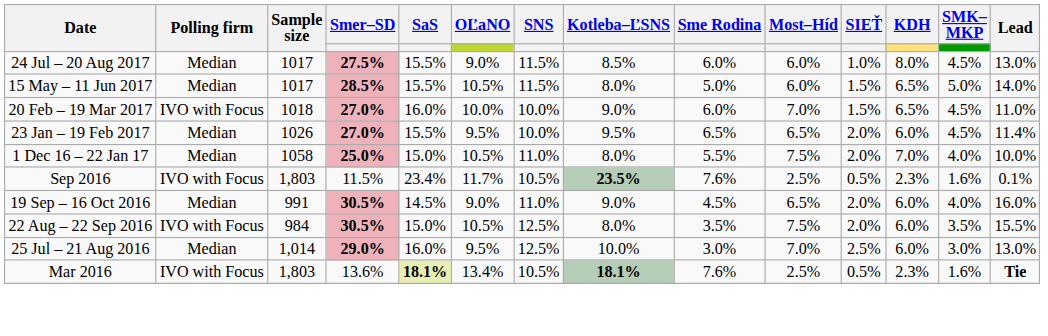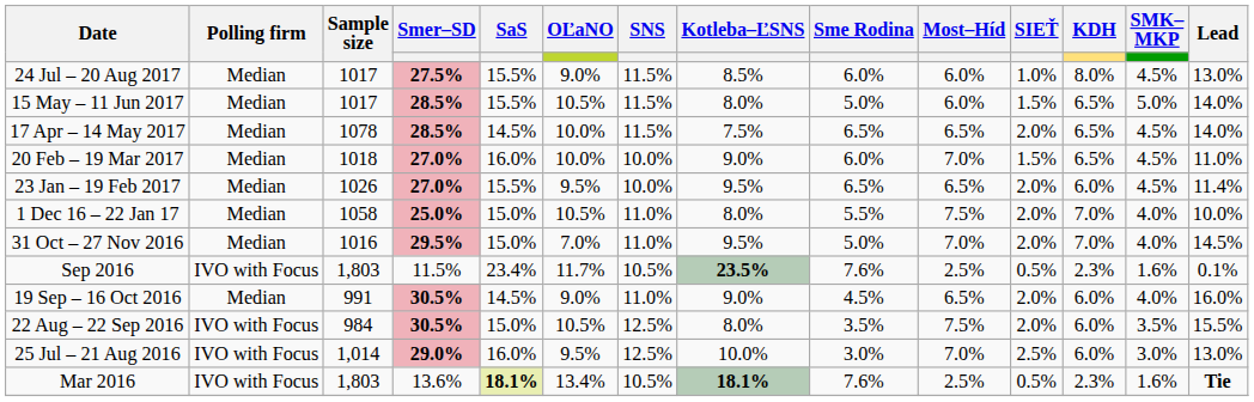 <table class="wikitable sortable mw-datatable" style="text-align:center;font-size:90%;line-height:14px;">
 <tr>
 <th rowspan="2">Date</th>
 <th rowspan="2">Polling firm</th>
 <th class="unsortable" rowspan="2">Sample<br>size</th>
 <th class="unsortable"><a href='#'><span>Smer–SD</span></a></th>
 <th class="unsortable"><a href='#'><span>SaS</span></a></th>
 <th class="unsortable"><a href='#'><span>OĽaNO</span></a></th>
 <th class="unsortable"><a href='#'><span>SNS</span></a></th>
 <th class="unsortable"><a href='#'><span>Kotleba–ĽSNS</span></a></th>
 <th class="unsortable"><a href='#'><span>Sme Rodina</span></a></th>
 <th class="unsortable"><a href='#'><span>Most–Híd</span></a></th>
 <th class="unsortable"><a href='#'><span>SIEŤ</span></a></th>
 <th class="unsortable"><a href='#'><span>KDH</span></a></th>
 <th class="unsortable"><a href='#'><span>SMK–MKP</span></a></th>
 <th class="unsortable" style="width:20px;" rowspan="2">Lead</th>
 </tr>
 <tr>
 <th style="background:"></th>
 <th style="background:"></th>
 <th style="background:#BED62F; width:40px;"></th>
 <th style="background:"></th>
 <th style="background:"></th>
 <th style="background:"></th>
 <th style="background:"></th>
 <th style="background:"></th>
 <th style="background:#FFE17C; width:40px;"></th>
 <th style="background:#029C02; width:40px;"></th>
 </tr>
 <tr>
 <td data-sort-value="2017-08-20">24 Jul – 20 Aug 2017</td>
 <td>Median</td>
 <td>1017</td>
 <td style="background:#F0B2BA"><strong>27.5%</strong></td>
 <td>15.5%</td>
 <td>9.0%</td>
 <td>11.5%</td>
 <td>8.5%</td>
 <td>6.0%</td>
 <td>6.0%</td>
 <td>1.0%</td>
 <td>8.0%</td>
 <td>4.5%</td>
 <td style="background:">13.0%</td>
 </tr>
 <tr>
 <td data-sort-value="2017-06-11">15 May – 11 Jun 2017</td>
 <td>Median</td>
 <td>1017</td>
 <td style="background:#F0B2BA"><strong>28.5%</strong></td>
 <td>15.5%</td>
 <td>10.5%</td>
 <td>11.5%</td>
 <td>8.0%</td>
 <td>5.0%</td>
 <td>6.0%</td>
 <td>1.5%</td>
 <td>6.5%</td>
 <td>5.0%</td>
 <td style="background:">14.0%</td>
 </tr>
 <tr>
+<td data-sort-value="2017-05-14">17 Apr – 14 May 2017</td>
+<td>Median</td>
+<td>1078</td>
+<td style="background:#F0B2BA"><strong>28.5%</strong></td>
+<td>14.5%</td>
+<td>10.0%</td>
+<td>11.5%</td>
+<td>7.5%</td>
+<td>6.5%</td>
+<td>6.5%</td>
+<td>2.0%</td>
+<td>6.5%</td>
+<td>4.5%</td>
+<td style="background:">14.0%</td>
+</tr>
+<tr>
 <td data-sort-value="2017-03-19">20 Feb – 19 Mar 2017</td>
-<td>IVO with Focus</td>
+<td>Median</td>
 <td>1018</td>
 <td style="background:#F0B2BA"><strong>27.0%</strong></td>
 <td>16.0%</td>
 <td>10.0%</td>
 <td>10.0%</td>
 <td>9.0%</td>
 <td>6.0%</td>
 <td>7.0%</td>
 <td>1.5%</td>
 <td>6.5%</td>
 <td>4.5%</td>
 <td style="background:">11.0%</td>
 </tr>
 <tr>
 <td data-sort-value="2017-02-19">23 Jan – 19 Feb 2017</td>
 <td>Median</td>
 <td>1026</td>
 <td style="background:#F0B2BA"><strong>27.0%</strong></td>
 <td>15.5%</td>
 <td>9.5%</td>
 <td>10.0%</td>
 <td>9.5%</td>
 <td>6.5%</td>
 <td>6.5%</td>
 <td>2.0%</td>
 <td>6.0%</td>
 <td>4.5%</td>
 <td style="background:">11.4%</td>
 </tr>
 <tr>
 <td data-sort-value="2017-01-22">1 Dec 16 – 22 Jan 17</td>
 <td>Median</td>
 <td>1058</td>
 <td style="background:#F0B2BA"><strong>25.0%</strong></td>
 <td>15.0%</td>
 <td>10.5%</td>
 <td>11.0%</td>
 <td>8.0%</td>
 <td>5.5%</td>
 <td>7.5%</td>
 <td>2.0%</td>
 <td>7.0%</td>
 <td>4.0%</td>
 <td style="background:">10.0%</td>
+</tr>
+<tr>
+<td data-sort-value="2016-11-27">31 Oct – 27 Nov 2016</td>
+<td>Median</td>
+<td>1016</td>
+<td style="background:#F0B2BA"><strong>29.5%</strong></td>
+<td>15.0%</td>
+<td>7.0%</td>
+<td>11.0%</td>
+<td>9.5%</td>
+<td>5.0%</td>
+<td>7.0%</td>
+<td>2.0%</td>
+<td>7.0%</td>
+<td>4.0%</td>
+<td style="background:">14.5%</td>
 </tr>
 <tr>
 <td data-sort-value="2016-09-30">Sep 2016</td>
 <td>IVO with Focus</td>
 <td>1,803</td>
 <td>11.5%</td>
 <td>23.4%</td>
 <td>11.7%</td>
 <td>10.5%</td>
 <td style="background:#b5ccb7"><strong>23.5%</strong></td>
 <td>7.6%</td>
 <td>2.5%</td>
 <td>0.5%</td>
 <td>2.3%</td>
 <td>1.6%</td>
 <td style="background:">0.1%</td>
 </tr>
 <tr>
 <td data-sort-value="2016-10-16">19 Sep – 16 Oct 2016</td>
 <td>Median</td>
 <td>991</td>
 <td style="background:#F0B2BA"><strong>30.5%</strong></td>
 <td>14.5%</td>
 <td>9.0%</td>
 <td>11.0%</td>
 <td>9.0%</td>
 <td>4.5%</td>
 <td>6.5%</td>
 <td>2.0%</td>
 <td>6.0%</td>
 <td>4.0%</td>
 <td style="background:">16.0%</td>
 </tr>
 <tr>
 <td data-sort-value="2016-09-22">22 Aug – 22 Sep 2016</td>
 <td>IVO with Focus</td>
 <td>984</td>
 <td style="background:#F0B2BA"><strong>30.5%</strong></td>
 <td>15.0%</td>
 <td>10.5%</td>
 <td>12.5%</td>
 <td>8.0%</td>
 <td>3.5%</td>
 <td>7.5%</td>
 <td>2.0%</td>
 <td>6.0%</td>
 <td>3.5%</td>
 <td style="background:">15.5%</td>
 </tr>
 <tr>
 <td data-sort-value="2016-08-21">25 Jul – 21 Aug 2016</td>
-<td>Median</td>
+<td>IVO with Focus</td>
 <td>1,014</td>
 <td style="background:#F0B2BA"><strong>29.0%</strong></td>
 <td>16.0%</td>
 <td>9.5%</td>
 <td>12.5%</td>
 <td>10.0%</td>
 <td>3.0%</td>
 <td>7.0%</td>
 <td>2.5%</td>
 <td>6.0%</td>
 <td>3.0%</td>
 <td style="background:">13.0%</td>
 </tr>
 <tr>
 <td data-sort-value="2016-03-31">Mar 2016</td>
 <td>IVO with Focus</td>
 <td>1,803</td>
 <td>13.6%</td>
 <td style="background:#E9EFB2"><strong>18.1%</strong></td>
 <td>13.4%</td>
 <td>10.5%</td>
 <td style="background:#b5ccb7"><strong>18.1%</strong></td>
 <td>7.6%</td>
 <td>2.5%</td>
 <td>0.5%</td>
 <td>2.3%</td>
 <td>1.6%</td>
 <td><strong>Tie</strong></td>
 </tr>
 <tr>
 </tr>
 </table>
